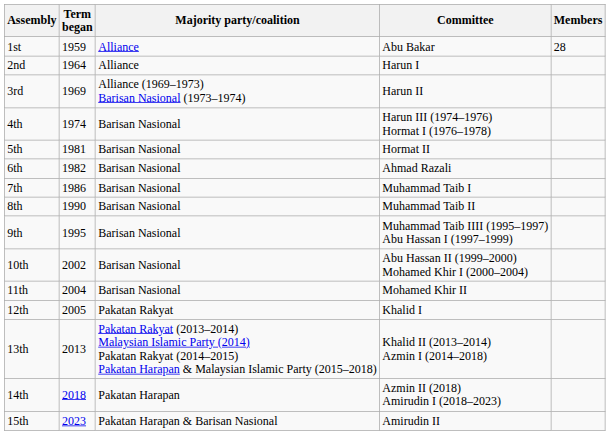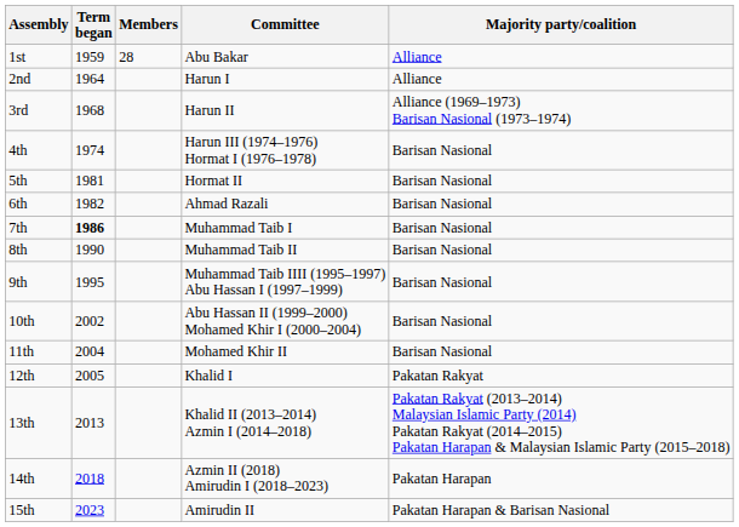 <table class="wikitable">
 <tr>
 <th>Assembly</th>
 <th>Term<br>began</th>
+<th>Members</th>
+<th>Committee</th>
 <th>Majority party/coalition</th>
-<th>Committee</th>
-<th>Members</th>
 </tr>
 <tr>
 <td>1st</td>
 <td>1959</td>
+<td>28</td>
+<td>Abu Bakar</td>
 <td><a href='#'>Alliance</a></td>
-<td>Abu Bakar</td>
-<td>28</td>
 </tr>
 <tr>
 <td>2nd</td>
 <td>1964</td>
+<td></td>
+<td>Harun I</td>
 <td>Alliance</td>
-<td>Harun I</td>
-<td></td>
 </tr>
 <tr>
 <td>3rd</td>
-<td>1969</td>
+<td>1968</td>
+<td></td>
+<td>Harun II</td>
 <td>Alliance (1969–1973)<br><a href='#'>Barisan Nasional</a> (1973–1974)</td>
-<td>Harun II</td>
-<td></td>
 </tr>
 <tr>
 <td>4th</td>
 <td>1974</td>
+<td></td>
+<td>Harun III (1974–1976)<br>Hormat I (1976–1978)</td>
 <td>Barisan Nasional</td>
-<td>Harun III (1974–1976)<br>Hormat I (1976–1978)</td>
-<td></td>
 </tr>
 <tr>
 <td>5th</td>
 <td>1981</td>
+<td></td>
+<td>Hormat II</td>
 <td>Barisan Nasional</td>
-<td>Hormat II</td>
-<td></td>
 </tr>
 <tr>
 <td>6th</td>
 <td>1982</td>
+<td></td>
+<td>Ahmad Razali</td>
 <td>Barisan Nasional</td>
-<td>Ahmad Razali</td>
-<td></td>
 </tr>
 <tr>
 <td>7th</td>
-<td>1986</td>
+<td><strong>1986</strong></td>
+<td></td>
+<td>Muhammad Taib I</td>
 <td>Barisan Nasional</td>
-<td>Muhammad Taib I</td>
-<td></td>
 </tr>
 <tr>
 <td>8th</td>
 <td>1990</td>
+<td></td>
+<td>Muhammad Taib II</td>
 <td>Barisan Nasional</td>
-<td>Muhammad Taib II</td>
-<td></td>
 </tr>
 <tr>
 <td>9th</td>
 <td>1995</td>
+<td></td>
+<td>Muhammad Taib IIII (1995–1997)<br>Abu Hassan I (1997–1999)</td>
 <td>Barisan Nasional</td>
-<td>Muhammad Taib IIII (1995–1997)<br>Abu Hassan I (1997–1999)</td>
-<td></td>
 </tr>
 <tr>
 <td>10th</td>
 <td>2002</td>
+<td></td>
+<td>Abu Hassan II (1999–2000)<br>Mohamed Khir I (2000–2004)</td>
 <td>Barisan Nasional</td>
-<td>Abu Hassan II (1999–2000)<br>Mohamed Khir I (2000–2004)</td>
-<td></td>
 </tr>
 <tr>
 <td>11th</td>
 <td>2004</td>
+<td></td>
+<td>Mohamed Khir II</td>
 <td>Barisan Nasional</td>
-<td>Mohamed Khir II</td>
-<td></td>
 </tr>
 <tr>
 <td>12th</td>
 <td>2005</td>
+<td></td>
+<td>Khalid I</td>
 <td>Pakatan Rakyat</td>
-<td>Khalid I</td>
-<td></td>
 </tr>
 <tr>
 <td>13th</td>
 <td>2013</td>
+<td></td>
+<td>Khalid II (2013–2014)<br>Azmin I (2014–2018)</td>
 <td><a href='#'>Pakatan Rakyat</a> (2013–2014)<br><a href='#'>Malaysian Islamic Party (2014)</a><br> Pakatan Rakyat (2014–2015)<br> <a href='#'>Pakatan Harapan</a> & Malaysian Islamic Party (2015–2018)</td>
-<td>Khalid II (2013–2014)<br>Azmin I (2014–2018)</td>
-<td></td>
 </tr>
 <tr>
 <td>14th</td>
 <td><a href='#'>2018</a></td>
+<td></td>
+<td>Azmin II (2018) <br> Amirudin I (2018–2023)</td>
 <td>Pakatan Harapan</td>
-<td>Azmin II (2018) <br> Amirudin I (2018–2023)</td>
-<td></td>
 </tr>
 <tr>
 <td>15th</td>
 <td><a href='#'>2023</a></td>
+<td></td>
+<td>Amirudin II</td>
 <td>Pakatan Harapan & Barisan Nasional</td>
-<td>Amirudin II</td>
-<td></td>
 </tr>
 </table>
